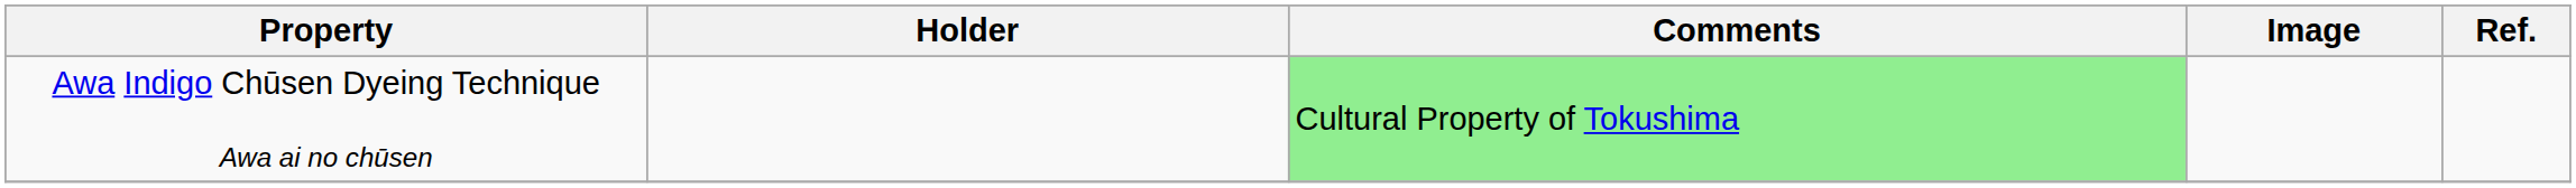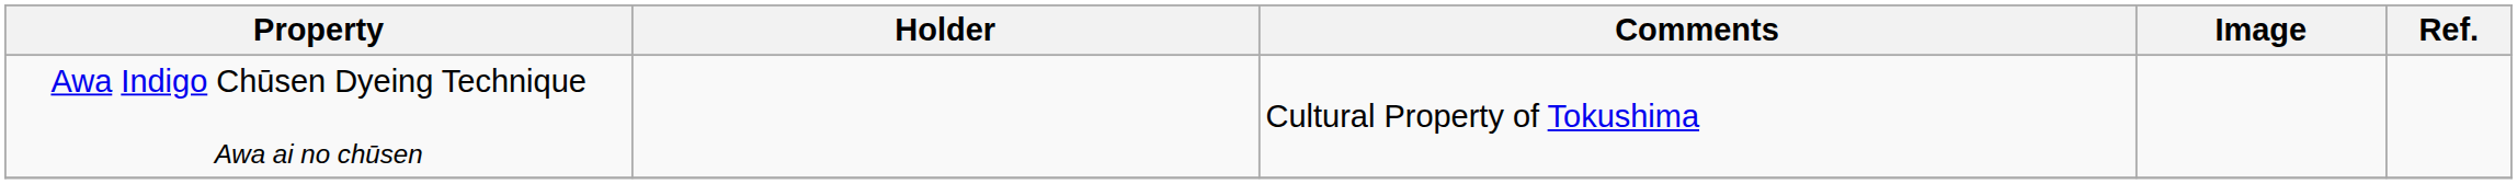 <table class="wikitable sortable"  style="width:100%;">
 <tr>
 <th width="25%" align="left">Property</th>
 <th width="25%" align="left">Holder</th>
 <th width="35%" align="left" class="unsortable">Comments</th>
 <th width="10%" align="left" class="unsortable">Image</th>
 <th width="5%" align="left" class="unsortable">Ref.</th>
 </tr>
 <tr>
 <td align="center"><a href='#'>Awa</a> <a href='#'>Indigo</a> Chūsen Dyeing Technique<br><br><small><em>Awa ai no chūsen</em></small></td>
 <td></td>
-<td style="background: lightgreen;">Cultural Property of <a href='#'>Tokushima</a></td>
+<td>Cultural Property of <a href='#'>Tokushima</a></td>
 <td></td>
 <td></td>
 </tr>
 <tr>
 </tr>
 </table>
